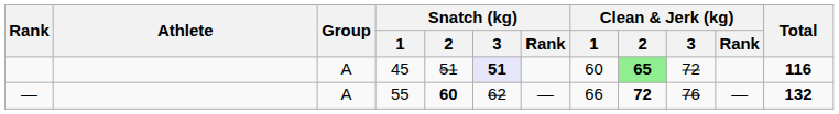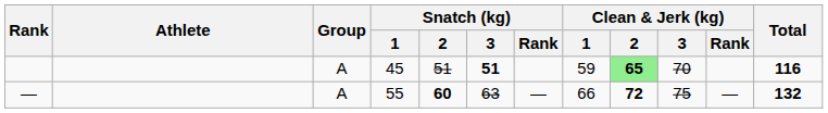 <table class = "wikitable" style="text-align:center;">
 <tr>
 <th rowspan=2 width=40>Rank</th>
 <th rowspan=2 width=250>Athlete</th>
 <th rowspan=2 width=50>Group</th>
 <th colspan=4>Snatch (kg)</th>
 <th colspan=4>Clean & Jerk (kg)</th>
 <th rowspan=2 width=60>Total</th>
 </tr>
 <tr>
 <th width=40>1</th>
 <th width=40>2</th>
 <th width=40>3</th>
 <th width=40>Rank</th>
 <th width=40>1</th>
 <th width=40>2</th>
 <th width=40>3</th>
 <th width=40>Rank</th>
 </tr>
 <tr>
 <td></td>
 <td align=left></td>
 <td>A</td>
 <td>45</td>
 <td><s>51</s></td>
-<td style="background: lavender;"><strong>51</strong></td>
+<td><strong>51</strong></td>
 <td></td>
-<td>60</td>
+<td>59</td>
 <td style="background: lightgreen;"><strong>65</strong></td>
-<td><s>72</s></td>
+<td><s>70</s></td>
 <td></td>
 <td><strong>116</strong></td>
 </tr>
 <tr>
 <td>—</td>
 <td align=left></td>
 <td>A</td>
 <td>55</td>
 <td><strong>60</strong></td>
-<td><s>62</s></td>
+<td><s>63</s></td>
 <td>—</td>
 <td>66</td>
 <td><strong>72</strong></td>
-<td><s>76</s></td>
+<td><s>75</s></td>
 <td>—</td>
 <td><strong>132</strong></td>
 </tr>
 </table>
